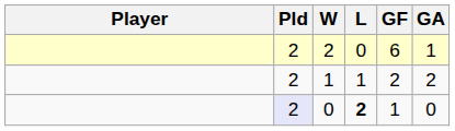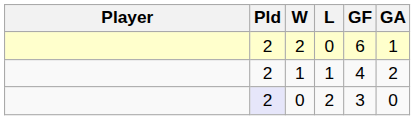 <table class=wikitable style="text-align:center">
 <tr>
 <th width=220>Player</th>
 <th width=20>Pld</th>
 <th width=20>W</th>
 <th width=20>L</th>
 <th width=20>GF</th>
 <th width=20>GA</th>
 </tr>
 <tr bgcolor=#ffffcc>
 <td align=left></td>
 <td>2</td>
 <td>2</td>
 <td>0</td>
 <td>6</td>
 <td>1</td>
 </tr>
 <tr>
 <td align=left></td>
 <td>2</td>
 <td>1</td>
 <td>1</td>
-<td>2</td>
+<td>4</td>
 <td>2</td>
 </tr>
 <tr>
 <td align=left></td>
 <td style="background: lavender;">2</td>
 <td>0</td>
-<td><strong>2</strong></td>
-<td>1</td>
+<td>2</td>
+<td>3</td>
 <td>0</td>
 </tr>
 </table>
